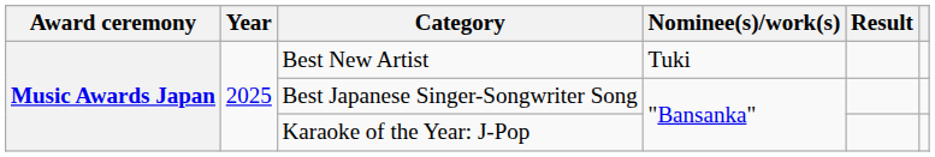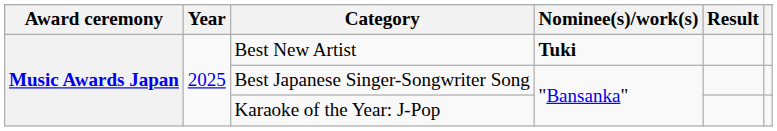 <table class="wikitable sortable plainrowheaders">
 <tr style="background:#ccc; text-align:center">
 <th scope="col">Award ceremony</th>
 <th scope="col">Year</th>
 <th scope="col">Category</th>
 <th scope="col">Nominee(s)/work(s)</th>
 <th scope="col">Result</th>
 <th scope="col" class="unsortable"></th>
 </tr>
 <tr>
 <th scope="row" rowspan="3"><a href='#'>Music Awards Japan</a></th>
 <td style="text-align:center" rowspan="3"><a href='#'>2025</a></td>
 <td>Best New Artist</td>
-<td>Tuki</td>
+<td><strong>Tuki</strong></td>
 <td></td>
 <td style="text-align:center"></td>
 </tr>
 <tr>
 <td>Best Japanese Singer-Songwriter Song</td>
 <td rowspan="2">"<a href='#'>Bansanka</a>"</td>
 <td></td>
 <td style="text-align:center"></td>
 </tr>
 <tr>
 <td>Karaoke of the Year: J-Pop</td>
 <td></td>
 <td style="text-align:center"></td>
 </tr>
 </table>
